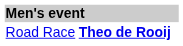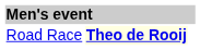 <table>
 <tr bgcolor="#cccccc">
 <td colspan=7><strong>Men's event</strong></td>
 </tr>
 <tr>
 <td><a href='#'>Road Race</a><br></td>
-<td><strong><a href='#'>Theo de Rooij</a></strong><br><small></small></td>
+<td style="background: lightyellow;"><strong><a href='#'>Theo de Rooij</a></strong><br><small></small></td>
 <td></td>
 <td></td>
 </tr>
 </table>
